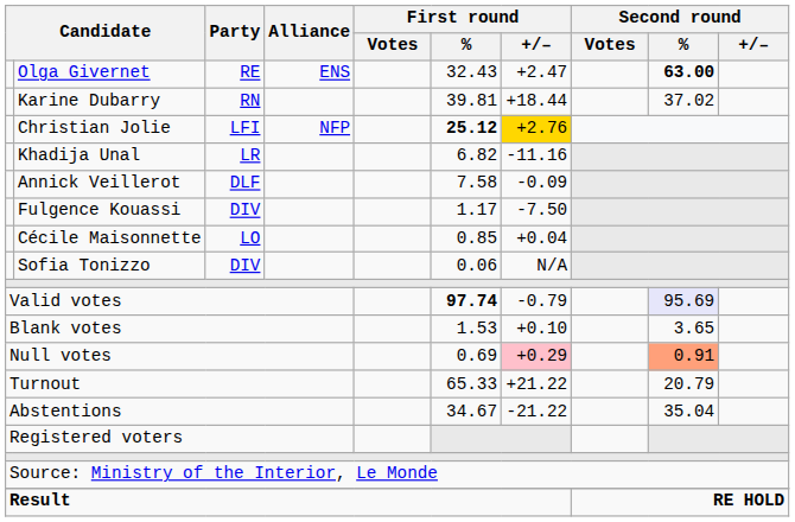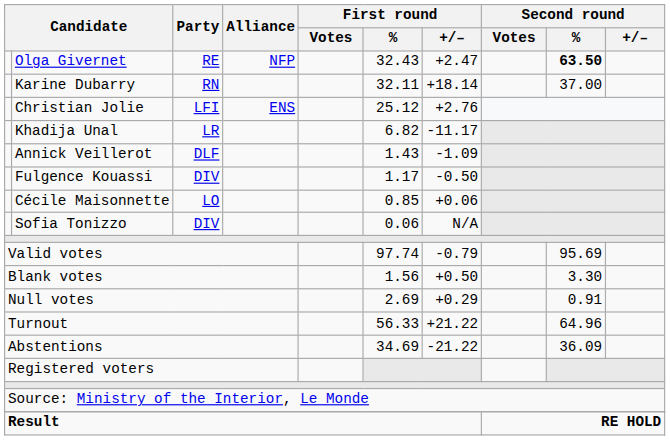 <table class="wikitable" style="text-align:right;font-size:95%;">
 <tr>
 <th rowspan="2" colspan="2">Candidate</th>
 <th rowspan="2">Party</th>
 <th rowspan="2">Alliance</th>
 <th colspan="3">First round</th>
 <th colspan="3">Second round</th>
 </tr>
 <tr>
 <th style="width:50px;">Votes</th>
 <th style="width:45px;">%</th>
 <th style="width:45px;">+/–</th>
 <th style="width:50px;">Votes</th>
 <th style="width:45px;">%</th>
 <th style="width:45px;">+/–</th>
 </tr>
 <tr>
 <td style="color:inherit;background:"></td>
 <td style="text-align:left;"><a href='#'>Olga Givernet</a></td>
 <td><a href='#'>RE</a></td>
-<td><a href='#'>ENS</a></td>
+<td><a href='#'>NFP</a></td>
 <td></td>
 <td>32.43</td>
 <td>+2.47</td>
 <td><strong></strong></td>
-<td><strong>63.00</strong></td>
+<td><strong>63.50</strong></td>
 <td></td>
 </tr>
 <tr>
 <td style="color:inherit;background:"></td>
 <td style="text-align:left;">Karine Dubarry</td>
 <td><a href='#'>RN</a></td>
 <td></td>
 <td></td>
-<td>39.81</td>
-<td>+18.44</td>
+<td>32.11</td>
+<td>+18.14</td>
 <td></td>
-<td>37.02</td>
+<td>37.00</td>
 <td></td>
 </tr>
 <tr>
 <td style="color:inherit;background:"></td>
 <td style="text-align:left;">Christian Jolie</td>
 <td><a href='#'>LFI</a></td>
-<td><a href='#'>NFP</a></td>
+<td><a href='#'>ENS</a></td>
 <td></td>
-<td><strong>25.12</strong></td>
-<td style="background: gold;">+2.76</td>
+<td>25.12</td>
+<td>+2.76</td>
 <td colspan="3" style="background:#F8F9FA;"></td>
 </tr>
 <tr>
 <td style="color:inherit;background:"></td>
 <td style="text-align:left;">Khadija Unal</td>
 <td><a href='#'>LR</a></td>
 <td></td>
 <td></td>
 <td>6.82</td>
-<td>-11.16</td>
+<td>-11.17</td>
 <td colspan="3" style="background:#E9E9E9;"></td>
 </tr>
 <tr>
 <td style="color:inherit;background:"></td>
 <td style="text-align:left;">Annick Veillerot</td>
 <td><a href='#'>DLF</a></td>
 <td></td>
 <td></td>
-<td>7.58</td>
-<td>-0.09</td>
+<td>1.43</td>
+<td>-1.09</td>
 <td colspan="3" style="background:#E9E9E9;"></td>
 </tr>
 <tr>
 <td style="color:inherit;background:"></td>
 <td style="text-align:left;">Fulgence Kouassi</td>
 <td><a href='#'>DIV</a></td>
 <td></td>
 <td></td>
 <td>1.17</td>
-<td>-7.50</td>
+<td>-0.50</td>
 <td colspan="3" style="background:#E9E9E9;"></td>
 </tr>
 <tr>
 <td style="color:inherit;background:"></td>
 <td style="text-align:left;">Cécile Maisonnette</td>
 <td><a href='#'>LO</a></td>
 <td></td>
 <td></td>
 <td>0.85</td>
-<td>+0.04</td>
+<td>+0.06</td>
 <td colspan="3" style="background:#E9E9E9;"></td>
 </tr>
 <tr>
 <td style="color:inherit;background:"></td>
 <td style="text-align:left;">Sofia Tonizzo</td>
 <td><a href='#'>DIV</a></td>
 <td></td>
 <td></td>
 <td>0.06</td>
 <td>N/A</td>
 <td colspan="3" style="background:#E9E9E9;"></td>
 </tr>
 <tr>
 <td colspan="10" style="background:#E9E9E9;"></td>
 </tr>
 <tr>
 <td colspan="4" style="text-align:left;">Valid votes</td>
 <td></td>
-<td><strong>97.74</strong></td>
+<td>97.74</td>
 <td>-0.79</td>
 <td></td>
-<td style="background: lavender;">95.69</td>
+<td>95.69</td>
 <td></td>
 </tr>
 <tr>
 <td colspan="4" style="text-align:left;">Blank votes</td>
 <td></td>
-<td>1.53</td>
-<td>+0.10</td>
+<td>1.56</td>
+<td>+0.50</td>
 <td></td>
-<td>3.65</td>
+<td>3.30</td>
 <td></td>
 </tr>
 <tr>
 <td colspan="4" style="text-align:left;">Null votes</td>
 <td></td>
-<td>0.69</td>
-<td style="background: pink;">+0.29</td>
+<td>2.69</td>
+<td>+0.29</td>
 <td></td>
-<td style="background: lightsalmon;">0.91</td>
+<td>0.91</td>
 <td></td>
 </tr>
 <tr>
 <td colspan="4" style="text-align:left;">Turnout</td>
 <td></td>
-<td>65.33</td>
+<td>56.33</td>
 <td>+21.22</td>
 <td></td>
-<td>20.79</td>
+<td>64.96</td>
 <td></td>
 </tr>
 <tr>
 <td colspan="4" style="text-align:left;">Abstentions</td>
 <td></td>
-<td>34.67</td>
+<td>34.69</td>
 <td>-21.22</td>
 <td></td>
-<td>35.04</td>
+<td>36.09</td>
 <td></td>
 </tr>
 <tr>
 <td colspan="4" style="text-align:left;">Registered voters</td>
 <td></td>
 <td colspan="2" style="background:#E9E9E9;"></td>
 <td></td>
 <td colspan="2" style="background:#E9E9E9;"></td>
 </tr>
 <tr>
 <td colspan="10" style="background:#E9E9E9;"></td>
 </tr>
 <tr>
 <td colspan="10" style="text-align:left;">Source: <a href='#'>Ministry of the Interior</a>, <a href='#'>Le Monde</a></td>
 </tr>
 <tr>
 </tr>
 <tr style="font-weight:bold">
 <td colspan="7" style="text-align:left;">Result</td>
 <td colspan="7" style="background-color:">RE HOLD</td>
 </tr>
 </table>
